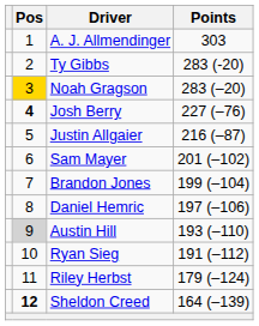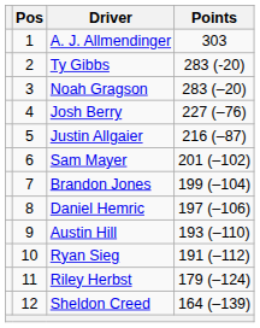 <table class="wikitable" style="font-size: 95%;">
 <tr>
 <th></th>
 <th>Pos</th>
 <th>Driver</th>
 <th>Points</th>
 </tr>
 <tr>
 <td align="left"></td>
 <td style="text-align:center;">1</td>
 <td><a href='#'>A. J. Allmendinger</a></td>
 <td style="text-align:center;">303</td>
 </tr>
 <tr>
 <td align="left"></td>
 <td style="text-align:center;">2</td>
 <td><a href='#'>Ty Gibbs</a></td>
 <td style="text-align:center;">283 (-20)</td>
 </tr>
 <tr>
 <td align="left"></td>
-<td style="background: gold; text-align:center;">3</td>
+<td style="text-align:center;">3</td>
 <td><a href='#'>Noah Gragson</a></td>
 <td style="text-align:center;">283 (–20)</td>
 </tr>
 <tr>
 <td align="left"></td>
-<td style="text-align:center;"><strong>4</strong></td>
+<td style="text-align:center;">4</td>
 <td><a href='#'>Josh Berry</a></td>
 <td style="text-align:center;">227 (–76)</td>
 </tr>
 <tr>
 <td align="left"></td>
 <td style="text-align:center;">5</td>
 <td><a href='#'>Justin Allgaier</a></td>
 <td style="text-align:center;">216 (–87)</td>
 </tr>
 <tr>
 <td align="left"></td>
 <td style="text-align:center;">6</td>
 <td><a href='#'>Sam Mayer</a></td>
 <td style="text-align:center;">201 (–102)</td>
 </tr>
 <tr>
 <td align="left"></td>
 <td style="text-align:center;">7</td>
 <td><a href='#'>Brandon Jones</a></td>
 <td style="text-align:center;">199 (–104)</td>
 </tr>
 <tr>
 <td align="left"></td>
 <td style="text-align:center;">8</td>
 <td><a href='#'>Daniel Hemric</a></td>
 <td style="text-align:center;">197 (–106)</td>
 </tr>
 <tr>
 <td align="left"></td>
-<td style="background: lightgrey; text-align:center;">9</td>
+<td style="text-align:center;">9</td>
 <td><a href='#'>Austin Hill</a></td>
 <td style="text-align:center;">193 (–110)</td>
 </tr>
 <tr>
 <td align="left"></td>
 <td style="text-align:center;">10</td>
 <td><a href='#'>Ryan Sieg</a></td>
 <td style="text-align:center;">191 (–112)</td>
 </tr>
 <tr>
 <td align="left"></td>
 <td style="text-align:center;">11</td>
 <td><a href='#'>Riley Herbst</a></td>
 <td style="text-align:center;">179 (–124)</td>
 </tr>
 <tr>
 <td align="left"></td>
-<td style="text-align:center;"><strong>12</strong></td>
+<td style="text-align:center;">12</td>
 <td><a href='#'>Sheldon Creed</a></td>
 <td style="text-align:center;">164 (–139)</td>
 </tr>
 <tr class="sortbottom">
 <th colspan="9"></th>
 </tr>
 </table>
